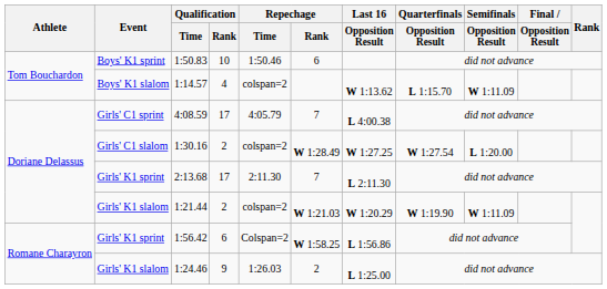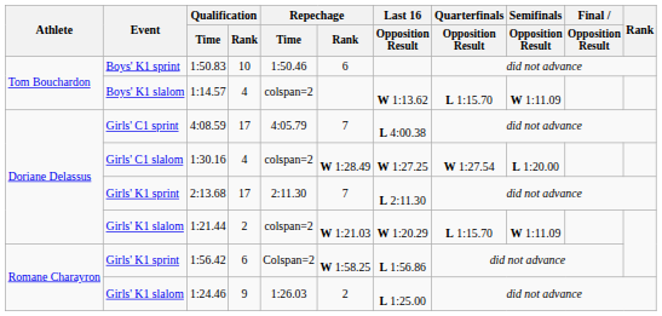 <table class="wikitable" style="font-size:90%">
 <tr>
 <th rowspan=2>Athlete</th>
 <th rowspan=2>Event</th>
 <th colspan=2>Qualification</th>
 <th colspan=2>Repechage</th>
 <th>Last 16</th>
 <th>Quarterfinals</th>
 <th>Semifinals</th>
 <th>Final / </th>
 <th rowspan=2>Rank</th>
 </tr>
 <tr style="font-size:95%">
 <th>Time</th>
 <th>Rank</th>
 <th>Time</th>
 <th>Rank</th>
 <th>Opposition <br>Result</th>
 <th>Opposition <br>Result</th>
 <th>Opposition <br>Result</th>
 <th>Opposition <br>Result</th>
 </tr>
 <tr align=center>
 <td align=left rowspan=2><a href='#'>Tom Bouchardon</a></td>
 <td align=left><a href='#'>Boys' K1 sprint</a></td>
 <td>1:50.83</td>
 <td>10</td>
 <td>1:50.46</td>
 <td>6</td>
 <td></td>
 <td colspan=4><em>did not advance</em></td>
 </tr>
 <tr align=center>
 <td align="left"><a href='#'>Boys' K1 slalom</a></td>
 <td>1:14.57</td>
 <td>4</td>
 <td>colspan=2 </td>
 <td></td>
 <td><br> <strong>W</strong> 1:13.62</td>
 <td><br> <strong>L</strong> 1:15.70</td>
 <td><br> <strong>W</strong> 1:11.09</td>
 <td></td>
 </tr>
 <tr align=center>
 <td align=left rowspan=4><a href='#'>Doriane Delassus</a></td>
 <td align=left><a href='#'>Girls' C1 sprint</a></td>
 <td>4:08.59</td>
 <td>17</td>
 <td>4:05.79</td>
 <td>7</td>
 <td><br> <strong>L</strong> 4:00.38</td>
 <td colspan=4><em>did not advance</em></td>
 </tr>
 <tr align=center>
 <td align=left><a href='#'>Girls' C1 slalom</a></td>
 <td>1:30.16</td>
-<td>2</td>
+<td>4</td>
 <td>colspan=2 </td>
 <td><br> <strong>W</strong> 1:28.49</td>
 <td><br> <strong>W</strong> 1:27.25</td>
 <td><br> <strong>W</strong> 1:27.54</td>
 <td><br> <strong>L</strong> 1:20.00</td>
 <td></td>
 </tr>
 <tr align=center>
 <td align=left><a href='#'>Girls' K1 sprint</a></td>
 <td>2:13.68</td>
 <td>17</td>
 <td>2:11.30</td>
 <td>7</td>
 <td><br> <strong>L</strong> 2:11.30</td>
 <td colspan=4><em>did not advance</em></td>
 </tr>
 <tr align=center>
 <td align=left><a href='#'>Girls' K1 slalom</a></td>
 <td>1:21.44</td>
 <td>2</td>
 <td>colspan=2 </td>
 <td><br> <strong>W</strong> 1:21.03</td>
 <td><br> <strong>W</strong> 1:20.29</td>
-<td><br> <strong>W</strong> 1:19.90</td>
+<td><br> <strong>L</strong> 1:15.70</td>
 <td><br> <strong>W</strong> 1:11.09</td>
 <td></td>
 </tr>
 <tr align=center>
 <td align=left rowspan=2><a href='#'>Romane Charayron</a></td>
 <td align=left><a href='#'>Girls' K1 sprint</a></td>
 <td>1:56.42</td>
 <td>6</td>
 <td>Colspan=2 </td>
 <td><br> <strong>W</strong> 1:58.25</td>
 <td><br> <strong>L</strong> 1:56.86</td>
 <td colspan=3><em>did not advance</em></td>
 </tr>
 <tr align=center>
 <td align=left><a href='#'>Girls' K1 slalom</a></td>
 <td>1:24.46</td>
 <td>9</td>
 <td>1:26.03</td>
 <td>2</td>
 <td><br> <strong>L</strong> 1:25.00</td>
 <td colspan=4><em>did not advance</em></td>
 </tr>
 </table>
